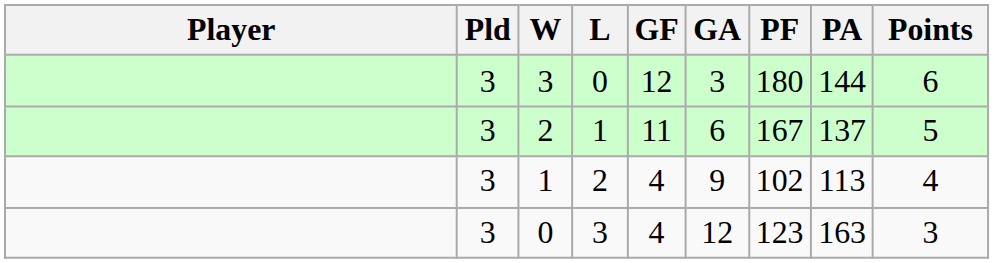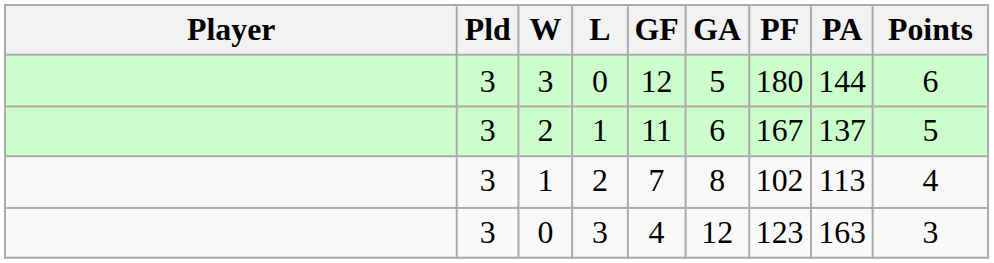 <table class=wikitable style="text-align:center">
 <tr>
 <th width=220>Player</th>
 <th width=20>Pld</th>
 <th width=20>W</th>
 <th width=20>L</th>
 <th width=20>GF</th>
 <th width=20>GA</th>
 <th width=20>PF</th>
 <th width=20>PA</th>
 <th width=50>Points</th>
 </tr>
 <tr bgcolor="#ccffcc">
 <td align=left></td>
 <td>3</td>
 <td>3</td>
 <td>0</td>
 <td>12</td>
-<td>3</td>
+<td>5</td>
 <td>180</td>
 <td>144</td>
 <td>6</td>
 </tr>
 <tr bgcolor="#ccffcc">
 <td align=left></td>
 <td>3</td>
 <td>2</td>
 <td>1</td>
 <td>11</td>
 <td>6</td>
 <td>167</td>
 <td>137</td>
 <td>5</td>
 </tr>
 <tr>
 <td align=left></td>
 <td>3</td>
 <td>1</td>
 <td>2</td>
-<td>4</td>
-<td>9</td>
+<td>7</td>
+<td>8</td>
 <td>102</td>
 <td>113</td>
 <td>4</td>
 </tr>
 <tr>
 <td align=left></td>
 <td>3</td>
 <td>0</td>
 <td>3</td>
 <td>4</td>
 <td>12</td>
 <td>123</td>
 <td>163</td>
 <td>3</td>
 </tr>
 </table>
